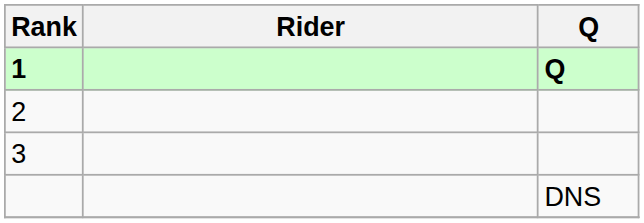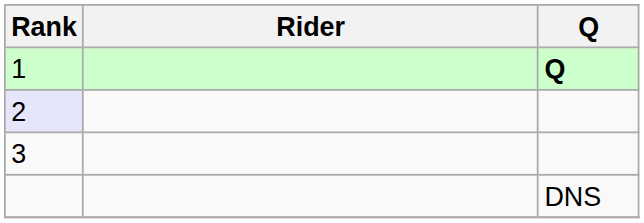 <table class="wikitable" style="font-size:95%" style="text-align:center">
 <tr>
 <th>Rank</th>
 <th width=250>Rider</th>
 <th width=50>Q</th>
 </tr>
 <tr bgcolor=ccffcc>
-<td><strong>1</strong></td>
+<td>1</td>
 <td align=left></td>
 <td><strong>Q</strong></td>
 </tr>
 <tr>
-<td>2</td>
+<td style="background: lavender;">2</td>
 <td align=left></td>
 <td></td>
 </tr>
 <tr>
 <td>3</td>
 <td align=left></td>
 <td></td>
 </tr>
 <tr>
 <td></td>
 <td align=left></td>
 <td>DNS</td>
 </tr>
 <tr>
 </tr>
 </table>
